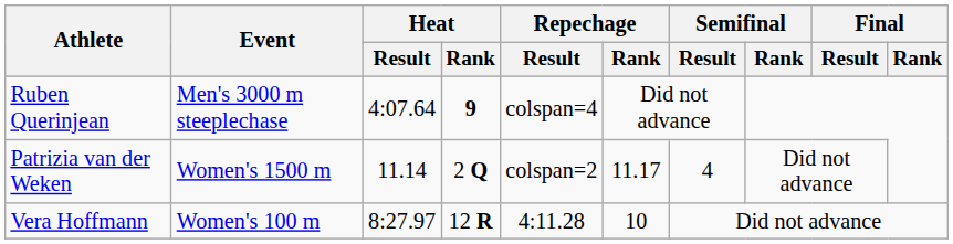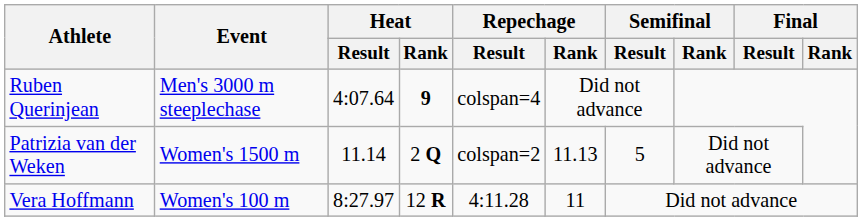 <table class="wikitable" style="font-size:90%">
 <tr>
 <th rowspan="2">Athlete</th>
 <th rowspan="2">Event</th>
 <th colspan="2">Heat</th>
 <th colspan="2">Repechage</th>
 <th colspan="2">Semifinal</th>
 <th colspan="2">Final</th>
 </tr>
 <tr style="font-size:95%">
 <th>Result</th>
 <th>Rank</th>
 <th>Result</th>
 <th>Rank</th>
 <th>Result</th>
 <th>Rank</th>
 <th>Result</th>
 <th>Rank</th>
 </tr>
 <tr align=center>
 <td align=left><a href='#'>Ruben Querinjean</a></td>
 <td align=left><a href='#'>Men's 3000 m steeplechase</a></td>
 <td>4:07.64</td>
 <td><strong>9</strong></td>
 <td>colspan=4 </td>
 <td colspan=2>Did not advance</td>
 </tr>
 <tr align=center>
 <td align=left><a href='#'>Patrizia van der Weken</a></td>
 <td align=left><a href='#'>Women's 1500 m</a></td>
 <td>11.14</td>
 <td>2 <strong>Q</strong></td>
 <td>colspan=2 </td>
-<td>11.17</td>
-<td>4</td>
+<td>11.13</td>
+<td>5</td>
 <td colspan="2">Did not advance</td>
 </tr>
 <tr align=center>
 <td align=left><a href='#'>Vera Hoffmann</a></td>
 <td align=left><a href='#'>Women's 100 m</a></td>
 <td>8:27.97</td>
 <td>12 <strong>R</strong></td>
 <td>4:11.28</td>
-<td>10</td>
+<td>11</td>
 <td colspan="4">Did not advance</td>
 </tr>
 </table>
